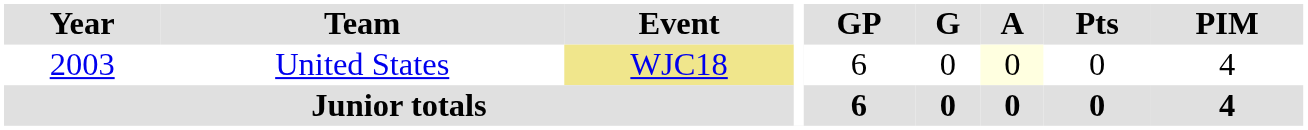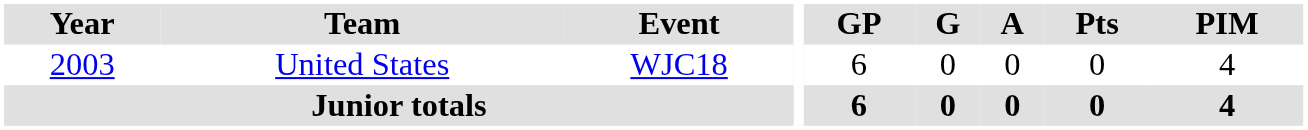 <table border="0" cellpadding="1" cellspacing="0" ID="Table3" style="text-align:center; width:40em">
 <tr ALIGN="center" bgcolor="#e0e0e0">
 <th>Year</th>
 <th>Team</th>
 <th>Event</th>
 <th rowspan="99" bgcolor="#ffffff"></th>
 <th>GP</th>
 <th>G</th>
 <th>A</th>
 <th>Pts</th>
 <th>PIM</th>
 </tr>
 <tr>
 <td><a href='#'>2003</a></td>
 <td><a href='#'>United States</a></td>
-<td style="background: khaki;"><a href='#'>WJC18</a></td>
+<td><a href='#'>WJC18</a></td>
 <td>6</td>
 <td>0</td>
-<td style="background: lightyellow;">0</td>
+<td>0</td>
 <td>0</td>
 <td>4</td>
 </tr>
 <tr bgcolor="#e0e0e0">
 <th colspan="3">Junior totals</th>
 <th>6</th>
 <th>0</th>
 <th>0</th>
 <th>0</th>
 <th>4</th>
 </tr>
 </table>
